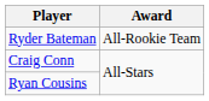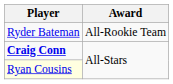 <table class="wikitable">
 <tr>
 <th>Player</th>
 <th>Award</th>
 </tr>
 <tr>
 <td><a href='#'>Ryder Bateman</a></td>
 <td>All-Rookie Team</td>
 </tr>
 <tr>
-<td><a href='#'>Craig Conn</a></td>
+<td><strong><a href='#'>Craig Conn</a></strong></td>
 <td rowspan=2>All-Stars</td>
 </tr>
 <tr>
-<td><a href='#'>Ryan Cousins</a></td>
+<td style="background: lightyellow;"><a href='#'>Ryan Cousins</a></td>
 </tr>
 </table>
